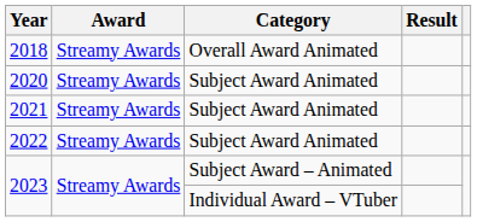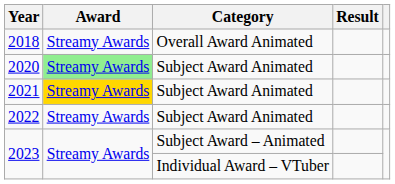 <table class="wikitable">
 <tr>
 <th>Year</th>
 <th>Award</th>
 <th>Category</th>
 <th>Result</th>
 <th></th>
 </tr>
 <tr>
 <td><a href='#'>2018</a></td>
 <td><a href='#'>Streamy Awards</a></td>
 <td>Overall Award  Animated</td>
 <td></td>
 <td style="text-align:center;"></td>
 </tr>
 <tr>
 <td><a href='#'>2020</a></td>
-<td><a href='#'>Streamy Awards</a></td>
+<td style="background: lightgreen;"><a href='#'>Streamy Awards</a></td>
 <td>Subject Award  Animated</td>
 <td></td>
 <td style="text-align:center;"></td>
 </tr>
 <tr>
 <td><a href='#'>2021</a></td>
-<td><a href='#'>Streamy Awards</a></td>
+<td style="background: gold;"><a href='#'>Streamy Awards</a></td>
 <td>Subject Award  Animated</td>
 <td></td>
 <td style="text-align:center;"></td>
 </tr>
 <tr>
 <td><a href='#'>2022</a></td>
 <td><a href='#'>Streamy Awards</a></td>
 <td>Subject Award  Animated</td>
 <td></td>
 <td style="text-align:center;"></td>
 </tr>
 <tr>
 <td rowspan="2"><a href='#'>2023</a></td>
 <td rowspan="2"><a href='#'>Streamy Awards</a></td>
 <td>Subject Award – Animated</td>
 <td></td>
 <td rowspan="2" style="text-align:center;"></td>
 </tr>
 <tr>
 <td>Individual Award – VTuber</td>
 <td></td>
 </tr>
 </table>
